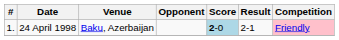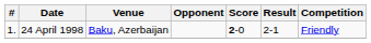 <table class="wikitable">
 <tr>
 <th>#</th>
 <th>Date</th>
 <th>Venue</th>
 <th>Opponent</th>
 <th>Score</th>
 <th>Result</th>
 <th>Competition</th>
 </tr>
 <tr>
 <td>1.</td>
 <td>24 April 1998</td>
 <td><a href='#'>Baku</a>, Azerbaijan</td>
 <td></td>
-<td style="background: lightblue;"><strong>2</strong>-0</td>
+<td><strong>2</strong>-0</td>
 <td>2-1</td>
-<td style="background: pink;"><a href='#'>Friendly</a></td>
+<td><a href='#'>Friendly</a></td>
 </tr>
 <tr>
 </tr>
 </table>
